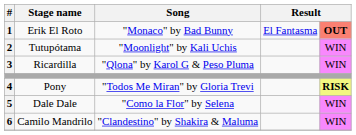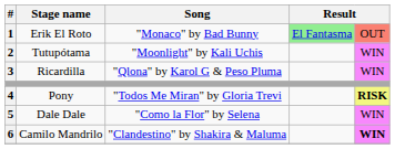 <table class="wikitable plainrowheaders" style="text-align: center;">
 <tr>
 <th>#</th>
 <th>Stage name</th>
 <th>Song</th>
 <th Identity colspan=2>Result</th>
 </tr>
 <tr>
 <th>1</th>
 <td>Erik El Roto</td>
 <td>"<a href='#'>Monaco</a>" by <a href='#'>Bad Bunny</a></td>
-<td><a href='#'>El Fantasma</a></td>
-<td bgcolor=salmon><strong>OUT</strong></td>
+<td style="background: lightgreen;"><a href='#'>El Fantasma</a></td>
+<td bgcolor=salmon>OUT</td>
 </tr>
 <tr>
 <th>2</th>
 <td>Tutupótama</td>
 <td>"<a href='#'>Moonlight</a>" by <a href='#'>Kali Uchis</a></td>
 <td></td>
 <td bgcolor=#F888FD>WIN</td>
 </tr>
 <tr>
 <th>3</th>
 <td>Ricardilla</td>
 <td>"<a href='#'>Qlona</a>" by <a href='#'>Karol G</a> & <a href='#'>Peso Pluma</a></td>
 <td></td>
 <td bgcolor=#F888FD>WIN</td>
 </tr>
 <tr>
 <td colspan="5" style="background:darkgray"></td>
 </tr>
 <tr>
 <th>4</th>
 <td>Pony</td>
 <td>"<a href='#'>Todos Me Miran</a>" by <a href='#'>Gloria Trevi</a></td>
 <td></td>
 <td bgcolor=#F3F781><strong>RISK</strong></td>
 </tr>
 <tr>
 <th>5</th>
 <td>Dale Dale</td>
 <td>"<a href='#'>Como la Flor</a>" by <a href='#'>Selena</a></td>
 <td></td>
 <td bgcolor=#F888FD>WIN</td>
 </tr>
 <tr>
 <th>6</th>
 <td>Camilo Mandrilo</td>
 <td>"<a href='#'>Clandestino</a>" by <a href='#'>Shakira</a> & <a href='#'>Maluma</a></td>
 <td></td>
-<td bgcolor=#F888FD>WIN</td>
+<td bgcolor=#F888FD><strong>WIN</strong></td>
 </tr>
 <tr>
 </tr>
 </table>
